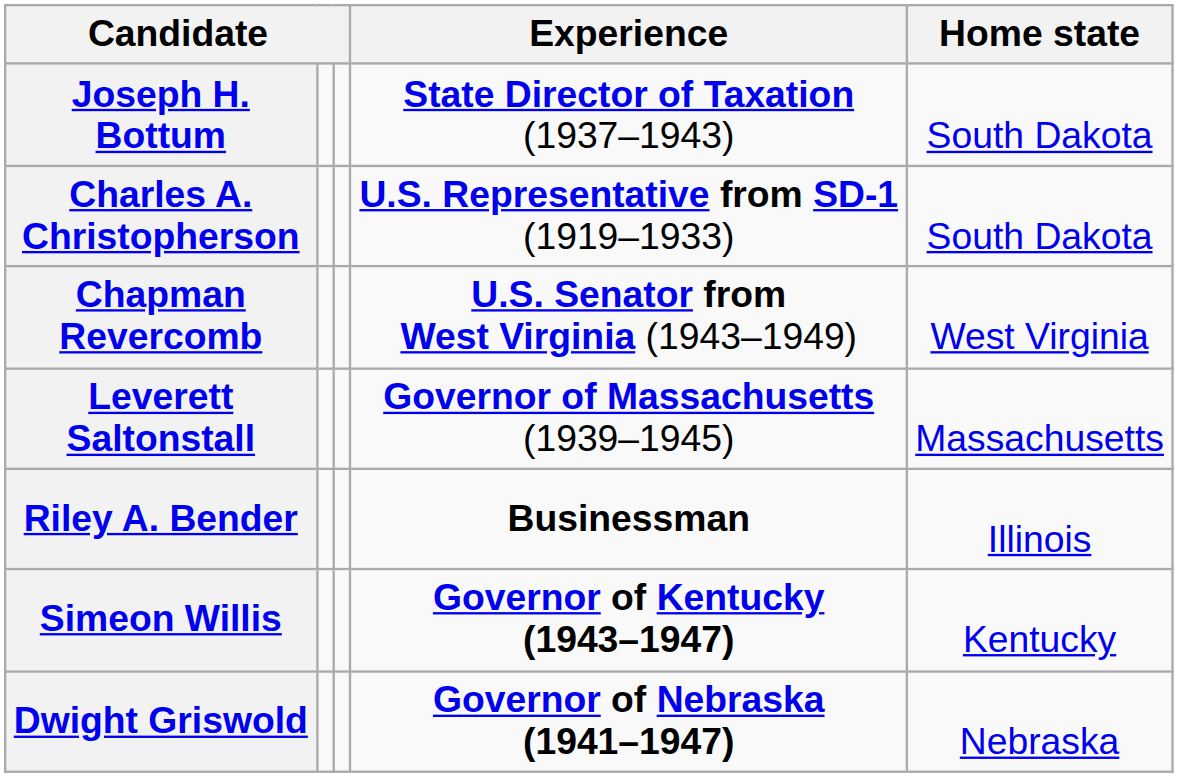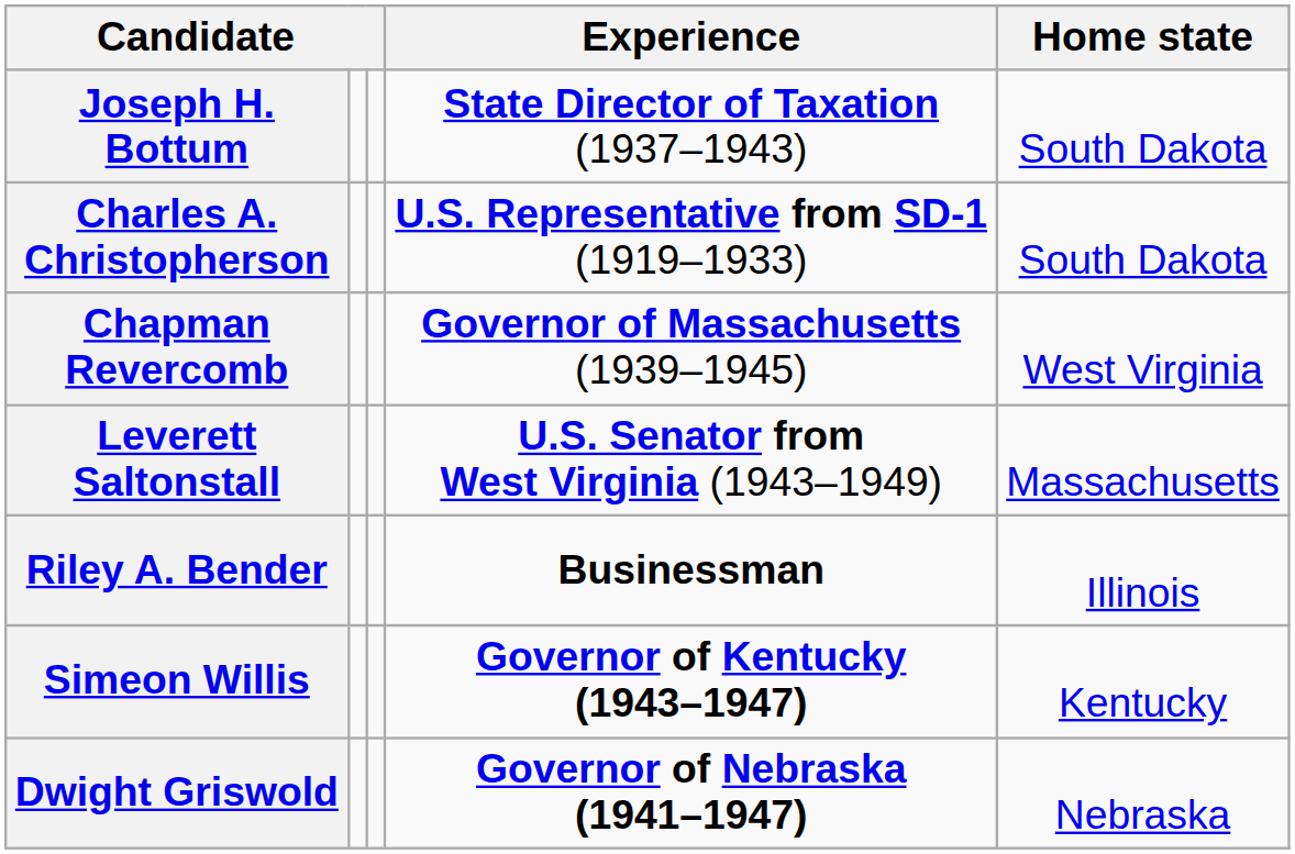 <table class="wikitable sortable" style="text-align:center;">
 <tr>
 <th colspan="3">Candidate</th>
 <th class="unsortable"><strong>Experience</strong></th>
 <th>Home state</th>
 </tr>
 <tr>
 <th><strong><a href='#'>Joseph H.</a></strong><br><strong><a href='#'>Bottum</a></strong></th>
 <td></td>
 <td></td>
 <td><strong><a href='#'>State Director of Taxation</a></strong><br>(1937–1943)</td>
 <td><br><a href='#'>South Dakota</a></td>
 </tr>
 <tr>
 <th><a href='#'>Charles A.</a><br><a href='#'>Christopherson</a></th>
 <td></td>
 <td></td>
 <td><strong><a href='#'>U.S. Representative</a> from <a href='#'>SD-1</a></strong><br>(1919–1933)</td>
 <td><br><a href='#'>South Dakota</a></td>
 </tr>
 <tr>
 <th><a href='#'>Chapman</a><br><a href='#'>Revercomb</a></th>
 <td></td>
 <td></td>
-<td><strong><a href='#'>U.S. Senator</a> from</strong><br><strong><a href='#'>West Virginia</a></strong> (1943–1949)</td>
+<td><strong><a href='#'>Governor of Massachusetts</a></strong><br>(1939–1945)</td>
 <td><br><a href='#'>West Virginia</a></td>
 </tr>
 <tr>
 <th><strong><a href='#'>Leverett</a></strong><br><strong><a href='#'>Saltonstall</a></strong></th>
 <td></td>
 <td></td>
-<td><strong><a href='#'>Governor of Massachusetts</a></strong><br>(1939–1945)</td>
+<td><strong><a href='#'>U.S. Senator</a> from</strong><br><strong><a href='#'>West Virginia</a></strong> (1943–1949)</td>
 <td><br><a href='#'>Massachusetts</a></td>
 </tr>
 <tr>
 <th><strong><a href='#'>Riley A. Bender</a></strong></th>
 <td></td>
 <td></td>
 <td><strong>Businessman<br></strong></td>
 <td><br><a href='#'>Illinois</a></td>
 </tr>
 <tr>
 <th><a href='#'>Simeon Willis</a></th>
 <td></td>
 <td></td>
 <td><strong><a href='#'>Governor</a> of <a href='#'>Kentucky</a><br>(1943–1947)</strong></td>
 <td><br><a href='#'>Kentucky</a></td>
 </tr>
 <tr>
 <th><a href='#'>Dwight Griswold</a></th>
 <td></td>
 <td></td>
 <td><strong><a href='#'>Governor</a> of <a href='#'>Nebraska</a><br>(1941–1947)</strong></td>
 <td><br><a href='#'>Nebraska</a></td>
 </tr>
 </table>
